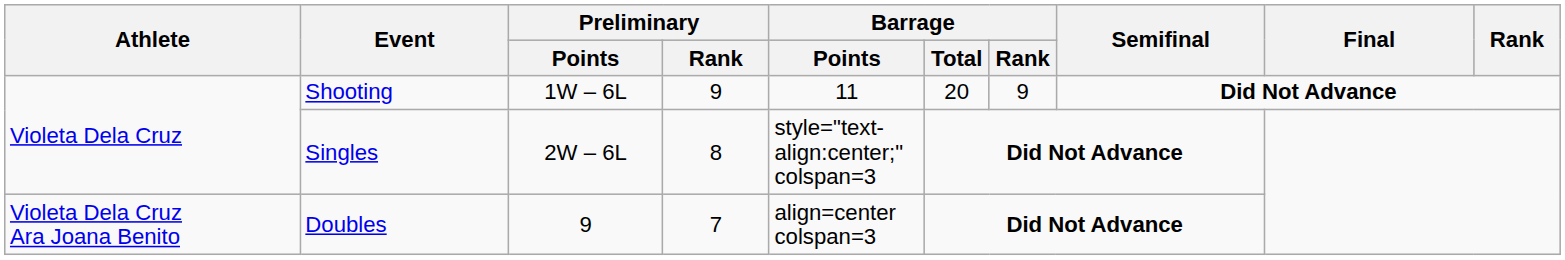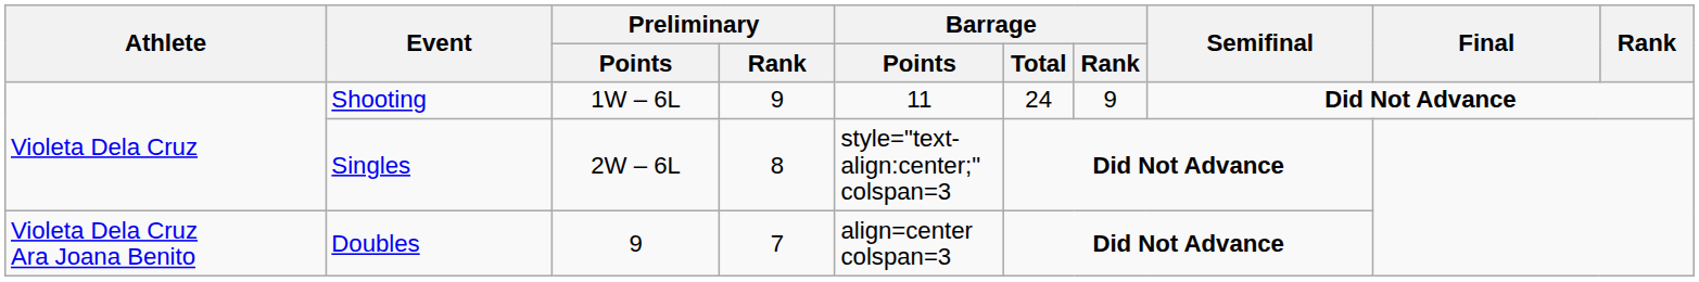 <table class="wikitable" width="80%" style="text-align:left; font-size:90%">
 <tr>
 <th width="17%" rowspan=2>Athlete</th>
 <th width="12%" rowspan=2>Event</th>
 <th width="15%" colspan=2>Preliminary</th>
 <th width="12%" colspan=3>Barrage</th>
 <th width="12%" rowspan=2>Semifinal</th>
 <th width="12%" rowspan=2>Final</th>
 <th width="5%" rowspan=2>Rank</th>
 </tr>
 <tr>
 <th>Points</th>
 <th>Rank</th>
 <th>Points</th>
 <th>Total</th>
 <th>Rank</th>
 </tr>
 <tr>
 <td rowspan=2><a href='#'>Violeta Dela Cruz</a></td>
 <td><a href='#'>Shooting</a></td>
 <td align=center>1W – 6L</td>
 <td align=center>9</td>
 <td align=center>11</td>
-<td align=center>20</td>
+<td align=center>24</td>
 <td align=center>9</td>
 <td align=center colspan=3><strong>Did Not Advance</strong></td>
 </tr>
 <tr>
 <td><a href='#'>Singles</a></td>
 <td align=center>2W – 6L</td>
 <td align=center>8</td>
 <td>style="text-align:center;"  colspan=3 </td>
 <td align=center colspan=3><strong>Did Not Advance</strong></td>
 </tr>
 <tr>
 <td><a href='#'>Violeta Dela Cruz</a> <br> <a href='#'>Ara Joana Benito</a></td>
 <td><a href='#'>Doubles</a></td>
 <td align=center>9</td>
 <td align=center>7</td>
 <td>align=center colspan=3 </td>
 <td align=center colspan=3><strong>Did Not Advance</strong></td>
 </tr>
 </table>
